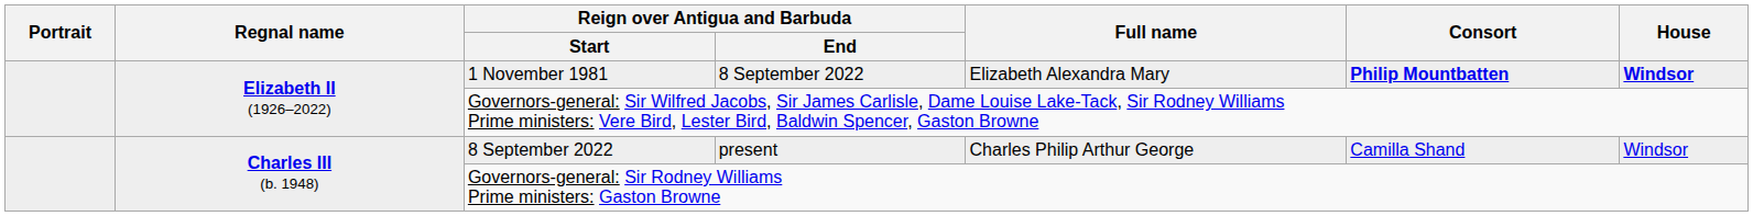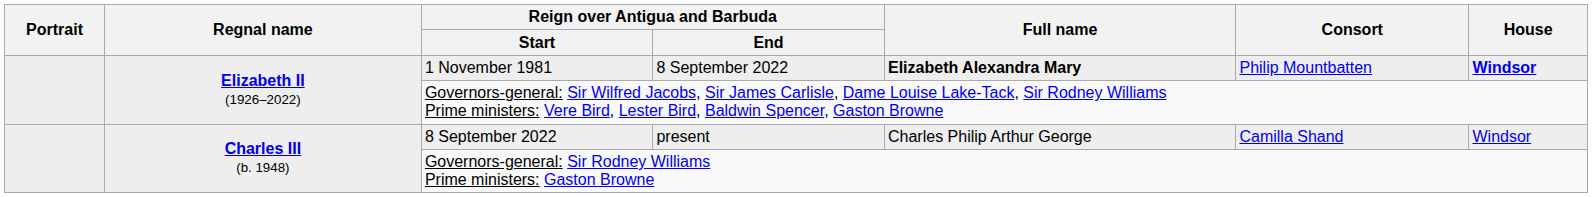 <table class="wikitable" style="width:100%;">
 <tr>
 <th rowspan="2" scope="col">Portrait</th>
 <th rowspan="2" scope="col" style="width:20%;">Regnal name</th>
 <th colspan=2 scope="col">Reign over Antigua and Barbuda</th>
 <th rowspan="2" scope="col">Full name</th>
 <th rowspan="2" scope="col">Consort</th>
 <th rowspan="2" scope="col">House</th>
 </tr>
 <tr>
 <th scope="col">Start</th>
 <th scope="col">End</th>
 </tr>
 <tr style="background:#eee;">
 <td rowspan="2" style="text-align:center;"></td>
 <td rowspan="2" style="text-align:center;" scope="row"><strong><a href='#'>Elizabeth II</a></strong><br><small>(1926–2022)</small></td>
 <td>1 November 1981</td>
 <td>8 September 2022</td>
-<td>Elizabeth Alexandra Mary</td>
-<td><strong><a href='#'>Philip Mountbatten</a></strong></td>
+<td><strong>Elizabeth Alexandra Mary</strong></td>
+<td><a href='#'>Philip Mountbatten</a></td>
 <td><strong><a href='#'>Windsor</a></strong></td>
 </tr>
 <tr>
 <td colspan="5"><u>Governors-general:</u> <a href='#'>Sir Wilfred Jacobs</a>, <a href='#'>Sir James Carlisle</a>, <a href='#'>Dame Louise Lake-Tack</a>, <a href='#'>Sir Rodney Williams</a><br><u>Prime ministers:</u> <a href='#'>Vere Bird</a>, <a href='#'>Lester Bird</a>, <a href='#'>Baldwin Spencer</a>, <a href='#'>Gaston Browne</a></td>
 </tr>
 <tr style="background:#eee;">
 <td rowspan="2" style="text-align:center;"></td>
 <td rowspan="2" style="text-align:center;" scope="row"><strong><a href='#'>Charles III</a></strong><br><small>(b. 1948)</small></td>
 <td>8 September 2022</td>
 <td>present</td>
 <td>Charles Philip Arthur George</td>
 <td><a href='#'>Camilla Shand</a></td>
 <td><a href='#'>Windsor</a></td>
 </tr>
 <tr>
 <td colspan="5"><u>Governors-general:</u> <a href='#'>Sir Rodney Williams</a><br><u>Prime ministers:</u> <a href='#'>Gaston Browne</a></td>
 </tr>
 </table>
